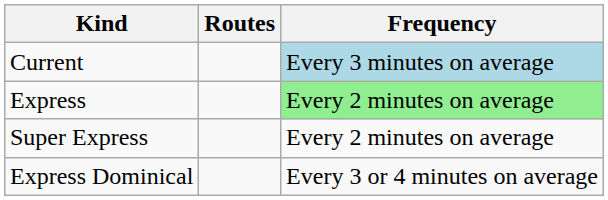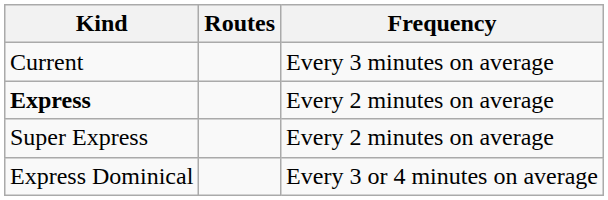 <table class="wikitable" style="margin-left: auto; margin-right: auto; border: none;">
 <tr>
 <th>Kind</th>
 <th>Routes</th>
 <th>Frequency</th>
 </tr>
 <tr>
 <td>Current</td>
 <td></td>
-<td style="background: lightblue;">Every 3 minutes on average</td>
+<td>Every 3 minutes on average</td>
 </tr>
 <tr>
-<td>Express</td>
+<td><strong>Express</strong></td>
 <td>  </td>
-<td style="background: lightgreen;">Every 2 minutes on average</td>
+<td>Every 2 minutes on average</td>
 </tr>
 <tr>
 <td>Super Express</td>
 <td> </td>
 <td>Every 2 minutes on average</td>
 </tr>
 <tr>
 <td>Express Dominical</td>
 <td> </td>
 <td>Every 3 or 4 minutes on average</td>
 </tr>
 <tr>
 </tr>
 </table>
